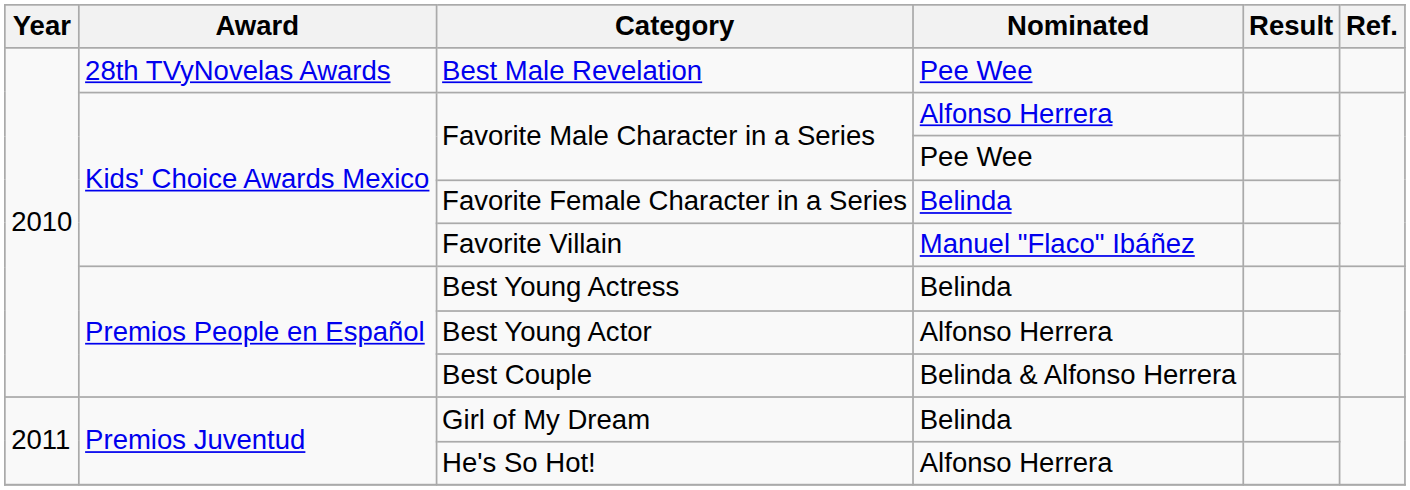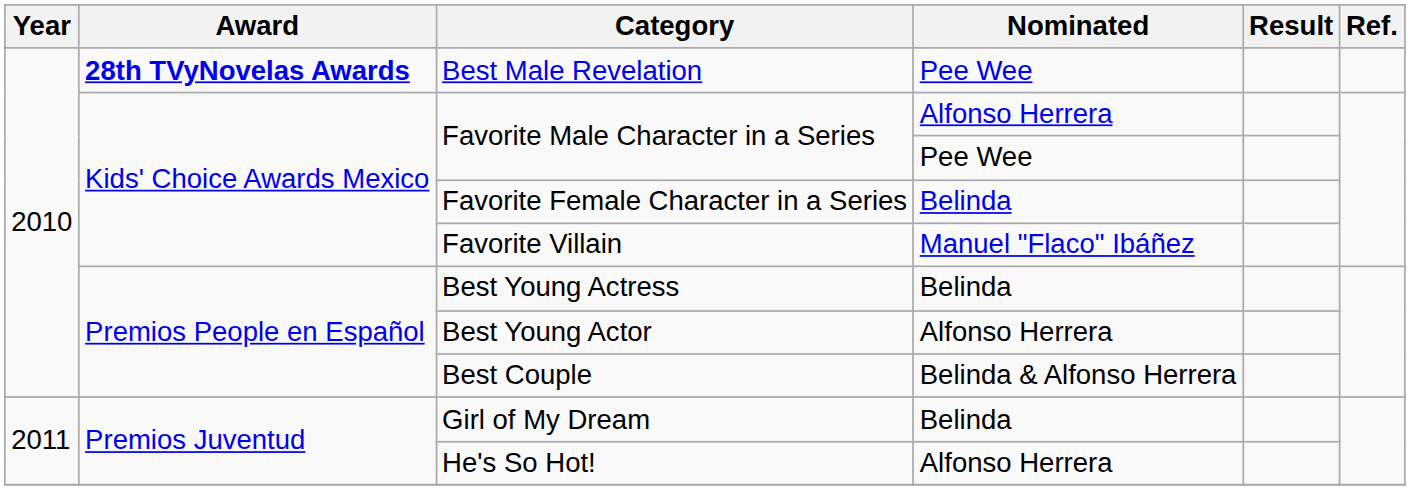 <table class="wikitable plainrowheaders">
 <tr>
 <th scope="col">Year</th>
 <th scope="col">Award</th>
 <th scope="col">Category</th>
 <th scope="col">Nominated</th>
 <th scope="col">Result</th>
 <th scope="col">Ref.</th>
 </tr>
 <tr>
 <td rowspan="8">2010</td>
-<td><a href='#'>28th TVyNovelas Awards</a></td>
+<td><strong><a href='#'>28th TVyNovelas Awards</a></strong></td>
 <td><a href='#'>Best Male Revelation</a></td>
 <td><a href='#'>Pee Wee</a></td>
 <td></td>
 <td></td>
 </tr>
 <tr>
 <td rowspan="4"><a href='#'>Kids' Choice Awards Mexico</a></td>
 <td rowspan="2">Favorite Male Character in a Series</td>
 <td><a href='#'>Alfonso Herrera</a></td>
 <td></td>
 <td rowspan="4"></td>
 </tr>
 <tr>
 <td>Pee Wee</td>
 <td></td>
 </tr>
 <tr>
 <td>Favorite Female Character in a Series</td>
 <td><a href='#'>Belinda</a></td>
 <td></td>
 </tr>
 <tr>
 <td>Favorite Villain</td>
 <td><a href='#'>Manuel "Flaco" Ibáñez</a></td>
 <td></td>
 </tr>
 <tr>
 <td rowspan="3"><a href='#'>Premios People en Español</a></td>
 <td>Best Young Actress</td>
 <td>Belinda</td>
 <td></td>
 <td rowspan="3"></td>
 </tr>
 <tr>
 <td>Best Young Actor</td>
 <td>Alfonso Herrera</td>
 <td></td>
 </tr>
 <tr>
 <td>Best Couple</td>
 <td>Belinda & Alfonso Herrera</td>
 <td></td>
 </tr>
 <tr>
 <td rowspan="2">2011</td>
 <td rowspan="2"><a href='#'>Premios Juventud</a></td>
 <td>Girl of My Dream</td>
 <td>Belinda</td>
 <td></td>
 <td rowspan="2"></td>
 </tr>
 <tr>
 <td>He's So Hot!</td>
 <td>Alfonso Herrera</td>
 <td></td>
 </tr>
 <tr>
 </tr>
 </table>
